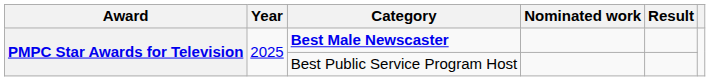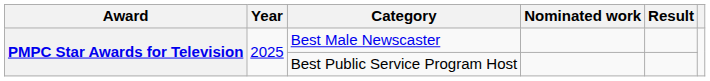 <table class="wikitable plainrowheaders sortable">
 <tr>
 <th scope="col">Award</th>
 <th scope="col">Year</th>
 <th scope="col">Category</th>
 <th scope="col">Nominated work</th>
 <th scope="col">Result</th>
 <th scope="col" class="unsortable"></th>
 </tr>
 <tr>
 <th scope="row" rowspan="2"><a href='#'>PMPC Star Awards for Television</a></th>
 <td rowspan="2"><a href='#'>2025</a></td>
-<td><strong><a href='#'>Best Male Newscaster</a></strong></td>
+<td><a href='#'>Best Male Newscaster</a></td>
 <td></td>
 <td></td>
 <td rowspan="2" style="text-align:center;"></td>
 </tr>
 <tr>
 <td>Best Public Service Program Host</td>
 <td></td>
 <td></td>
 </tr>
 </table>
